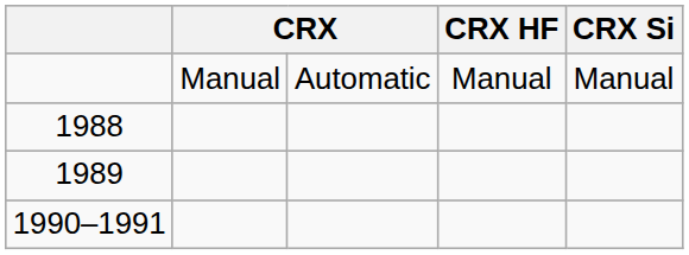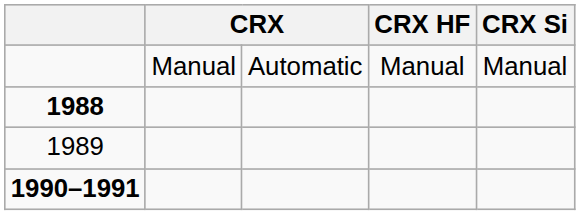 <table class="wikitable" Style="text-align:center">
 <tr>
 <th></th>
 <th Colspan="2">CRX</th>
 <th>CRX HF</th>
 <th>CRX Si</th>
 </tr>
 <tr>
 <td></td>
 <td>Manual</td>
 <td>Automatic</td>
 <td>Manual</td>
 <td>Manual</td>
 </tr>
 <tr>
-<td>1988</td>
+<td><strong>1988</strong></td>
 <td></td>
 <td></td>
 <td></td>
 <td></td>
 </tr>
 <tr>
 <td>1989</td>
 <td></td>
 <td></td>
 <td></td>
 <td></td>
 </tr>
 <tr>
-<td>1990–1991</td>
+<td><strong>1990–1991</strong></td>
 <td></td>
 <td></td>
 <td></td>
 <td></td>
 </tr>
 </table>
